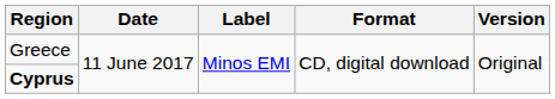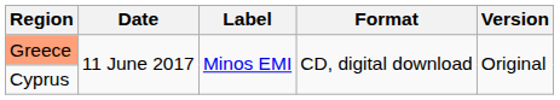 <table class="sortable wikitable">
 <tr>
 <th>Region</th>
 <th>Date</th>
 <th>Label</th>
 <th>Format</th>
 <th>Version</th>
 </tr>
 <tr>
-<td>Greece</td>
+<td style="background: lightsalmon;">Greece</td>
 <td rowspan="2">11 June 2017</td>
 <td rowspan="4"><a href='#'>Minos EMI</a></td>
 <td rowspan="4">CD, digital download</td>
 <td rowspan="2">Original</td>
 </tr>
 <tr>
-<td><strong>Cyprus</strong></td>
+<td>Cyprus</td>
 </tr>
 </table>
